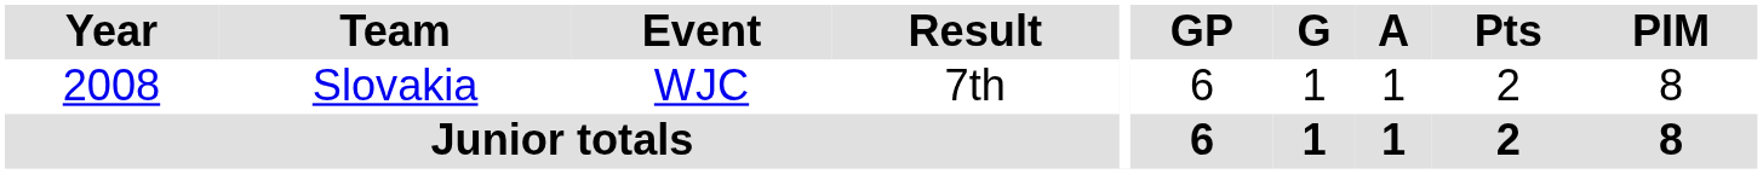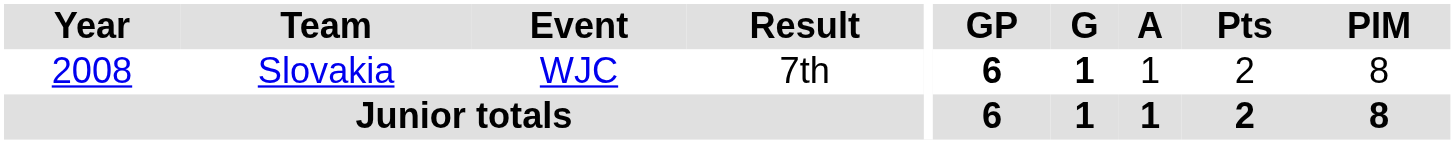 <table border="0" cellpadding="1" cellspacing="0" ID="Table3" style="text-align:center; width:40em">
 <tr ALIGN="center" bgcolor="#e0e0e0">
 <th>Year</th>
 <th>Team</th>
 <th>Event</th>
 <th>Result</th>
 <th rowspan="99" bgcolor="#ffffff"></th>
 <th>GP</th>
 <th>G</th>
 <th>A</th>
 <th>Pts</th>
 <th>PIM</th>
 </tr>
 <tr>
 <td><a href='#'>2008</a></td>
 <td><a href='#'>Slovakia</a></td>
 <td><a href='#'>WJC</a></td>
 <td>7th</td>
-<td>6</td>
-<td>1</td>
+<td><strong>6</strong></td>
+<td><strong>1</strong></td>
 <td>1</td>
 <td>2</td>
 <td>8</td>
 </tr>
 <tr bgcolor="#e0e0e0">
 <th colspan="4">Junior totals</th>
 <th>6</th>
 <th>1</th>
 <th>1</th>
 <th>2</th>
 <th>8</th>
 </tr>
 </table>
